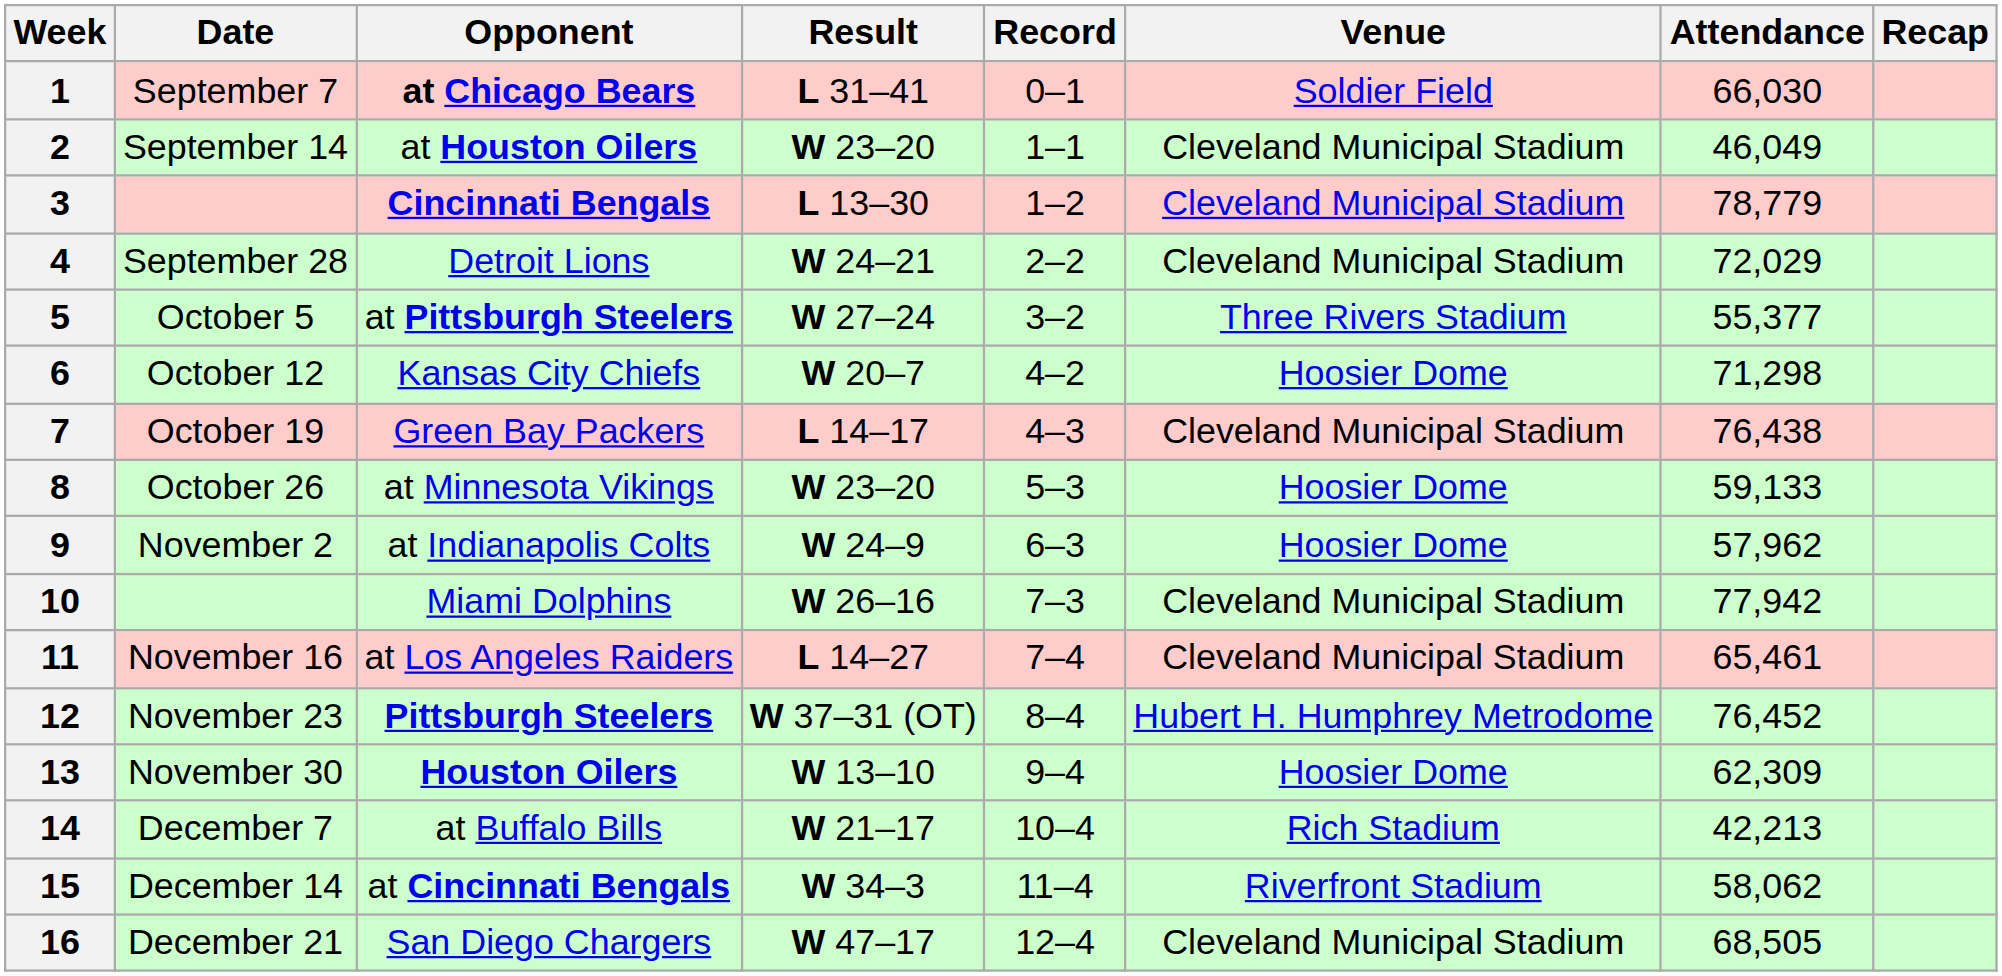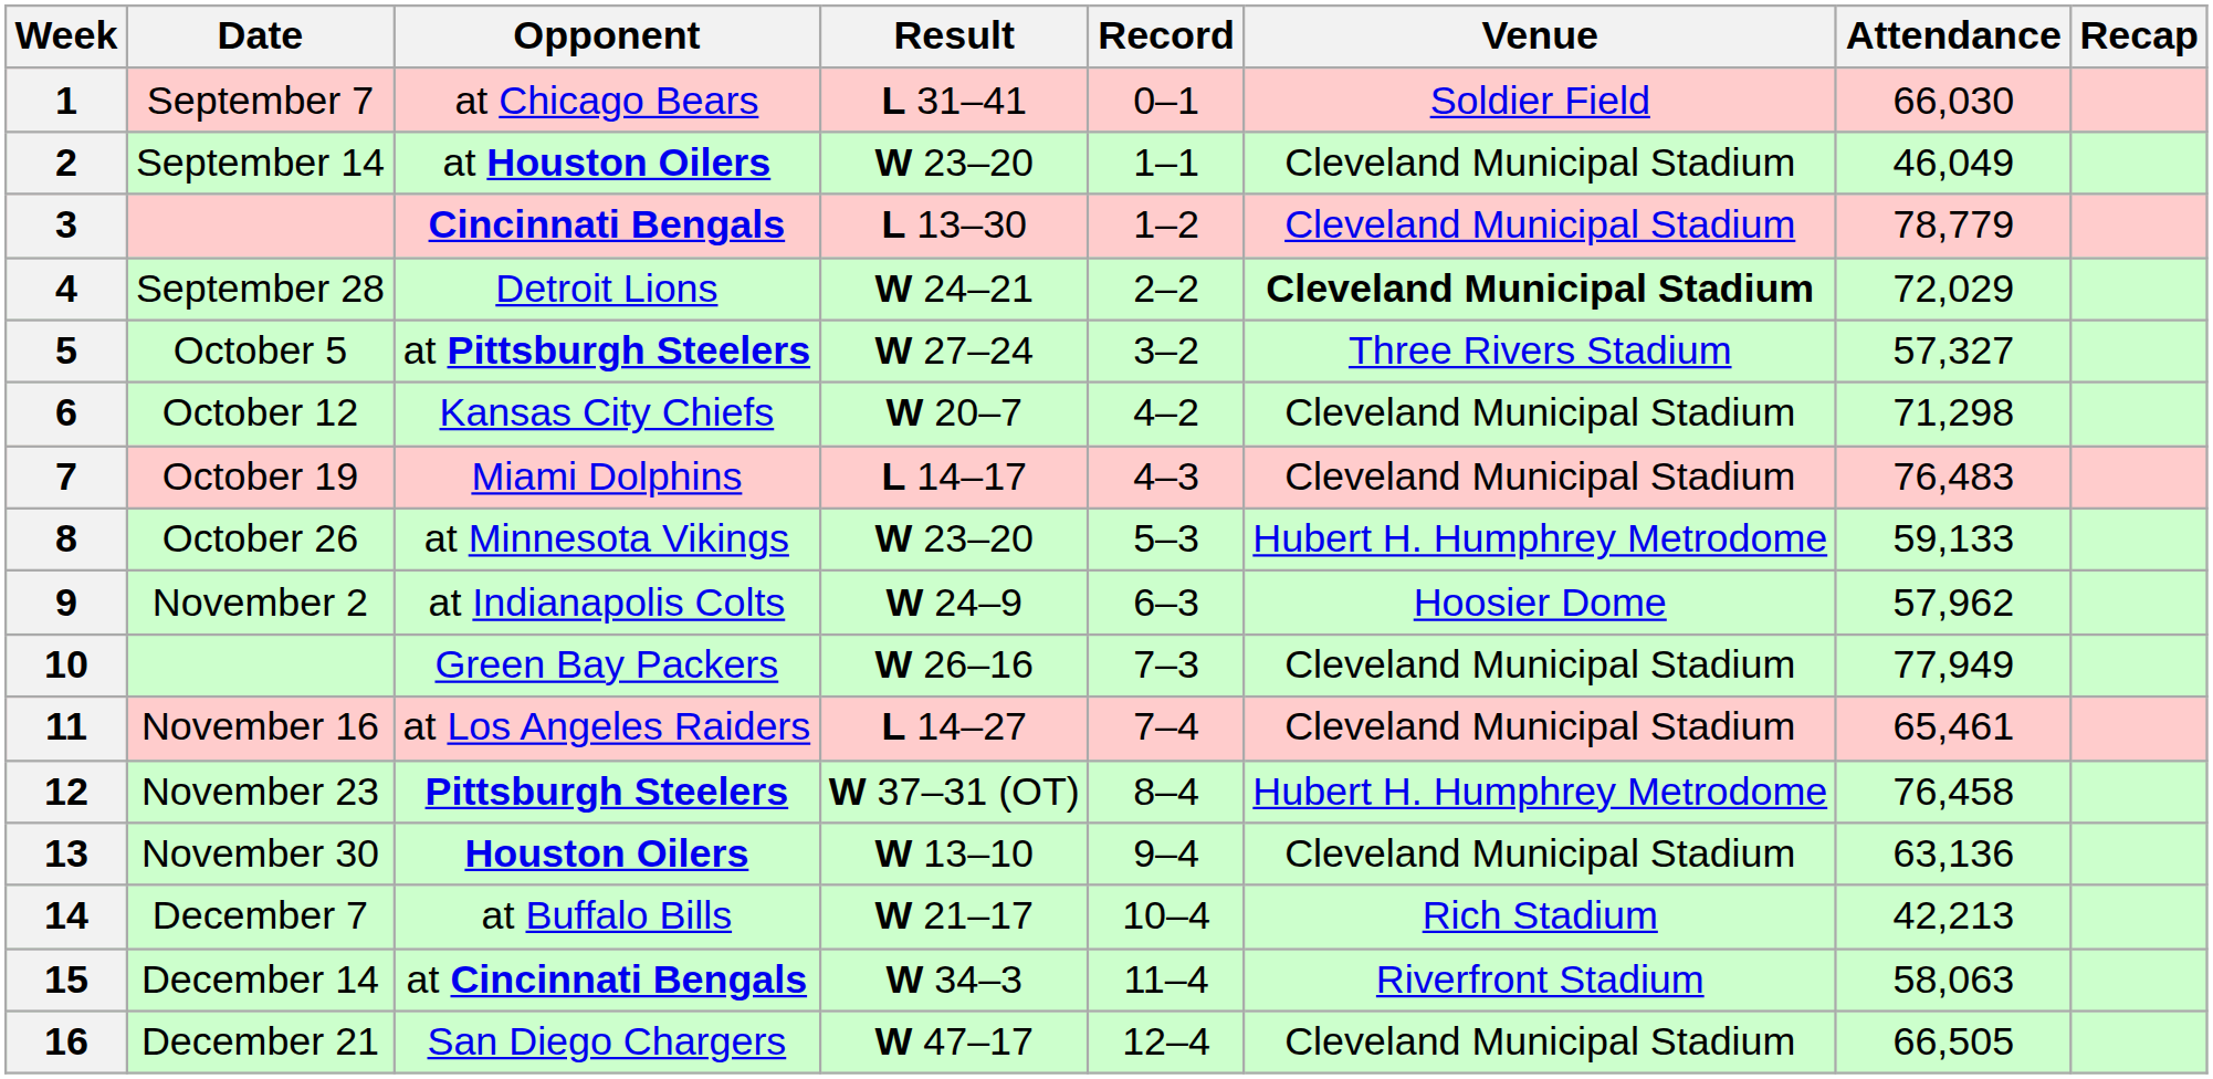 <table class="wikitable" style="text-align:center">
 <tr>
 <th>Week</th>
 <th>Date</th>
 <th>Opponent</th>
 <th>Result</th>
 <th>Record</th>
 <th>Venue</th>
 <th>Attendance</th>
 <th>Recap</th>
 </tr>
 <tr style="background:#fcc">
 <th>1</th>
 <td>September 7</td>
-<td><strong>at <a href='#'>Chicago Bears</a></strong></td>
+<td>at <a href='#'>Chicago Bears</a></td>
 <td><strong>L</strong> 31–41</td>
 <td>0–1</td>
 <td><a href='#'>Soldier Field</a></td>
 <td>66,030</td>
 <td></td>
 </tr>
 <tr style="background:#cfc">
 <th>2</th>
 <td>September 14</td>
 <td>at <strong><a href='#'>Houston Oilers</a></strong></td>
 <td><strong>W</strong> 23–20</td>
 <td>1–1</td>
 <td>Cleveland Municipal Stadium</td>
 <td>46,049</td>
 <td></td>
 </tr>
 <tr style="background:#fcc">
 <th>3</th>
 <td></td>
 <td><strong><a href='#'>Cincinnati Bengals</a></strong></td>
 <td><strong>L</strong> 13–30</td>
 <td>1–2</td>
 <td><a href='#'>Cleveland Municipal Stadium</a></td>
 <td>78,779</td>
 <td></td>
 </tr>
 <tr style="background:#cfc">
 <th>4</th>
 <td>September 28</td>
 <td><a href='#'>Detroit Lions</a></td>
 <td><strong>W</strong> 24–21</td>
 <td>2–2</td>
-<td>Cleveland Municipal Stadium</td>
+<td><strong>Cleveland Municipal Stadium</strong></td>
 <td>72,029</td>
 <td></td>
 </tr>
 <tr style="background:#cfc">
 <th>5</th>
 <td>October 5</td>
 <td>at <strong><a href='#'>Pittsburgh Steelers</a></strong></td>
 <td><strong>W</strong> 27–24</td>
 <td>3–2</td>
 <td><a href='#'>Three Rivers Stadium</a></td>
-<td>55,377</td>
+<td>57,327</td>
 <td></td>
 </tr>
 <tr style="background:#cfc">
 <th>6</th>
 <td>October 12</td>
 <td><a href='#'>Kansas City Chiefs</a></td>
 <td><strong>W</strong> 20–7</td>
 <td>4–2</td>
-<td><a href='#'>Hoosier Dome</a></td>
+<td>Cleveland Municipal Stadium</td>
 <td>71,298</td>
 <td></td>
 </tr>
 <tr style="background:#fcc">
 <th>7</th>
 <td>October 19</td>
-<td><a href='#'>Green Bay Packers</a></td>
+<td><a href='#'>Miami Dolphins</a></td>
 <td><strong>L</strong> 14–17</td>
 <td>4–3</td>
 <td>Cleveland Municipal Stadium</td>
-<td>76,438</td>
+<td>76,483</td>
 <td></td>
 </tr>
 <tr style="background:#cfc">
 <th>8</th>
 <td>October 26</td>
 <td>at <a href='#'>Minnesota Vikings</a></td>
 <td><strong>W</strong> 23–20</td>
 <td>5–3</td>
-<td><a href='#'>Hoosier Dome</a></td>
+<td><a href='#'>Hubert H. Humphrey Metrodome</a></td>
 <td>59,133</td>
 <td></td>
 </tr>
 <tr style="background:#cfc">
 <th>9</th>
 <td>November 2</td>
 <td>at <a href='#'>Indianapolis Colts</a></td>
 <td><strong>W</strong> 24–9</td>
 <td>6–3</td>
 <td><a href='#'>Hoosier Dome</a></td>
 <td>57,962</td>
 <td></td>
 </tr>
 <tr style="background:#cfc">
 <th>10</th>
 <td></td>
-<td><a href='#'>Miami Dolphins</a></td>
+<td><a href='#'>Green Bay Packers</a></td>
 <td><strong>W</strong> 26–16</td>
 <td>7–3</td>
 <td>Cleveland Municipal Stadium</td>
-<td>77,942</td>
+<td>77,949</td>
 <td></td>
 </tr>
 <tr style="background:#fcc">
 <th>11</th>
 <td>November 16</td>
 <td>at <a href='#'>Los Angeles Raiders</a></td>
 <td><strong>L</strong> 14–27</td>
 <td>7–4</td>
 <td>Cleveland Municipal Stadium</td>
 <td>65,461</td>
 <td></td>
 </tr>
 <tr style="background:#cfc">
 <th>12</th>
 <td>November 23</td>
 <td><strong><a href='#'>Pittsburgh Steelers</a></strong></td>
 <td><strong>W</strong> 37–31 (OT)</td>
 <td>8–4</td>
 <td><a href='#'>Hubert H. Humphrey Metrodome</a></td>
-<td>76,452</td>
+<td>76,458</td>
 <td></td>
 </tr>
 <tr style="background:#cfc">
 <th>13</th>
 <td>November 30</td>
 <td><strong><a href='#'>Houston Oilers</a></strong></td>
 <td><strong>W</strong> 13–10</td>
 <td>9–4</td>
-<td><a href='#'>Hoosier Dome</a></td>
-<td>62,309</td>
+<td>Cleveland Municipal Stadium</td>
+<td>63,136</td>
 <td></td>
 </tr>
 <tr style="background:#cfc">
 <th>14</th>
 <td>December 7</td>
 <td>at <a href='#'>Buffalo Bills</a></td>
 <td><strong>W</strong> 21–17</td>
 <td>10–4</td>
 <td><a href='#'>Rich Stadium</a></td>
 <td>42,213</td>
 <td></td>
 </tr>
 <tr style="background:#cfc">
 <th>15</th>
 <td>December 14</td>
 <td>at <strong><a href='#'>Cincinnati Bengals</a></strong></td>
 <td><strong>W</strong> 34–3</td>
 <td>11–4</td>
 <td><a href='#'>Riverfront Stadium</a></td>
-<td>58,062</td>
+<td>58,063</td>
 <td></td>
 </tr>
 <tr style="background:#cfc">
 <th>16</th>
 <td>December 21</td>
 <td><a href='#'>San Diego Chargers</a></td>
 <td><strong>W</strong> 47–17</td>
 <td>12–4</td>
 <td>Cleveland Municipal Stadium</td>
-<td>68,505</td>
+<td>66,505</td>
 <td></td>
 </tr>
 </table>
